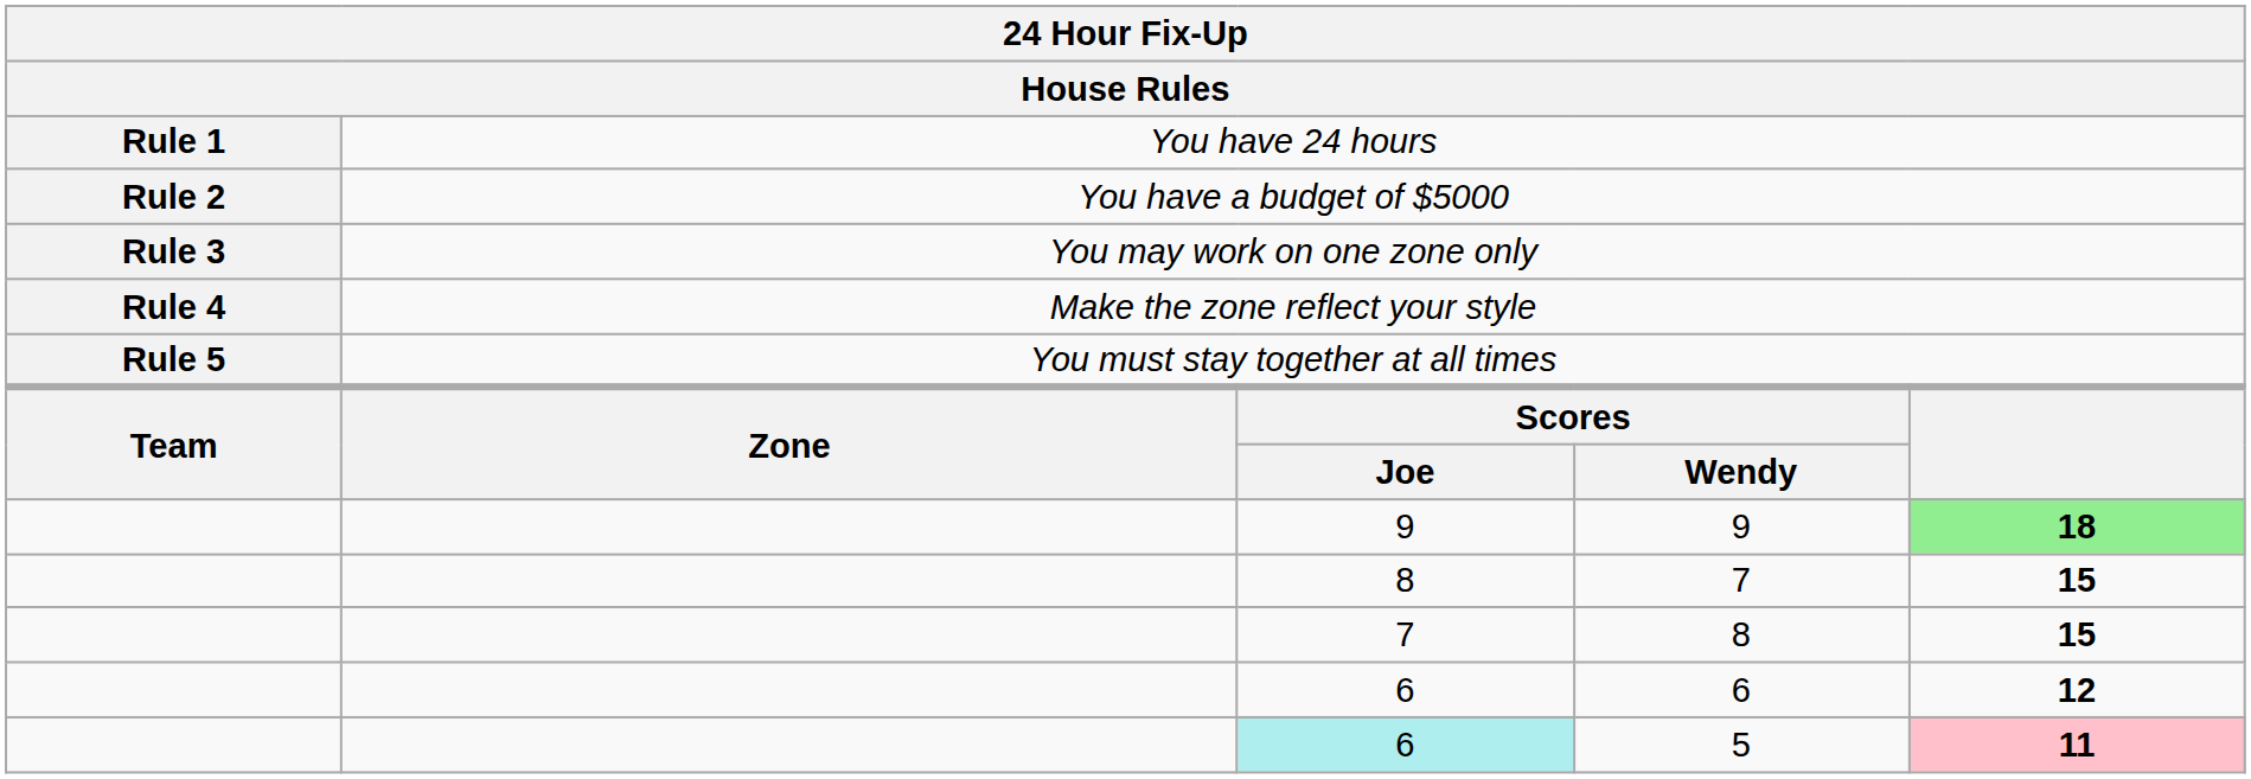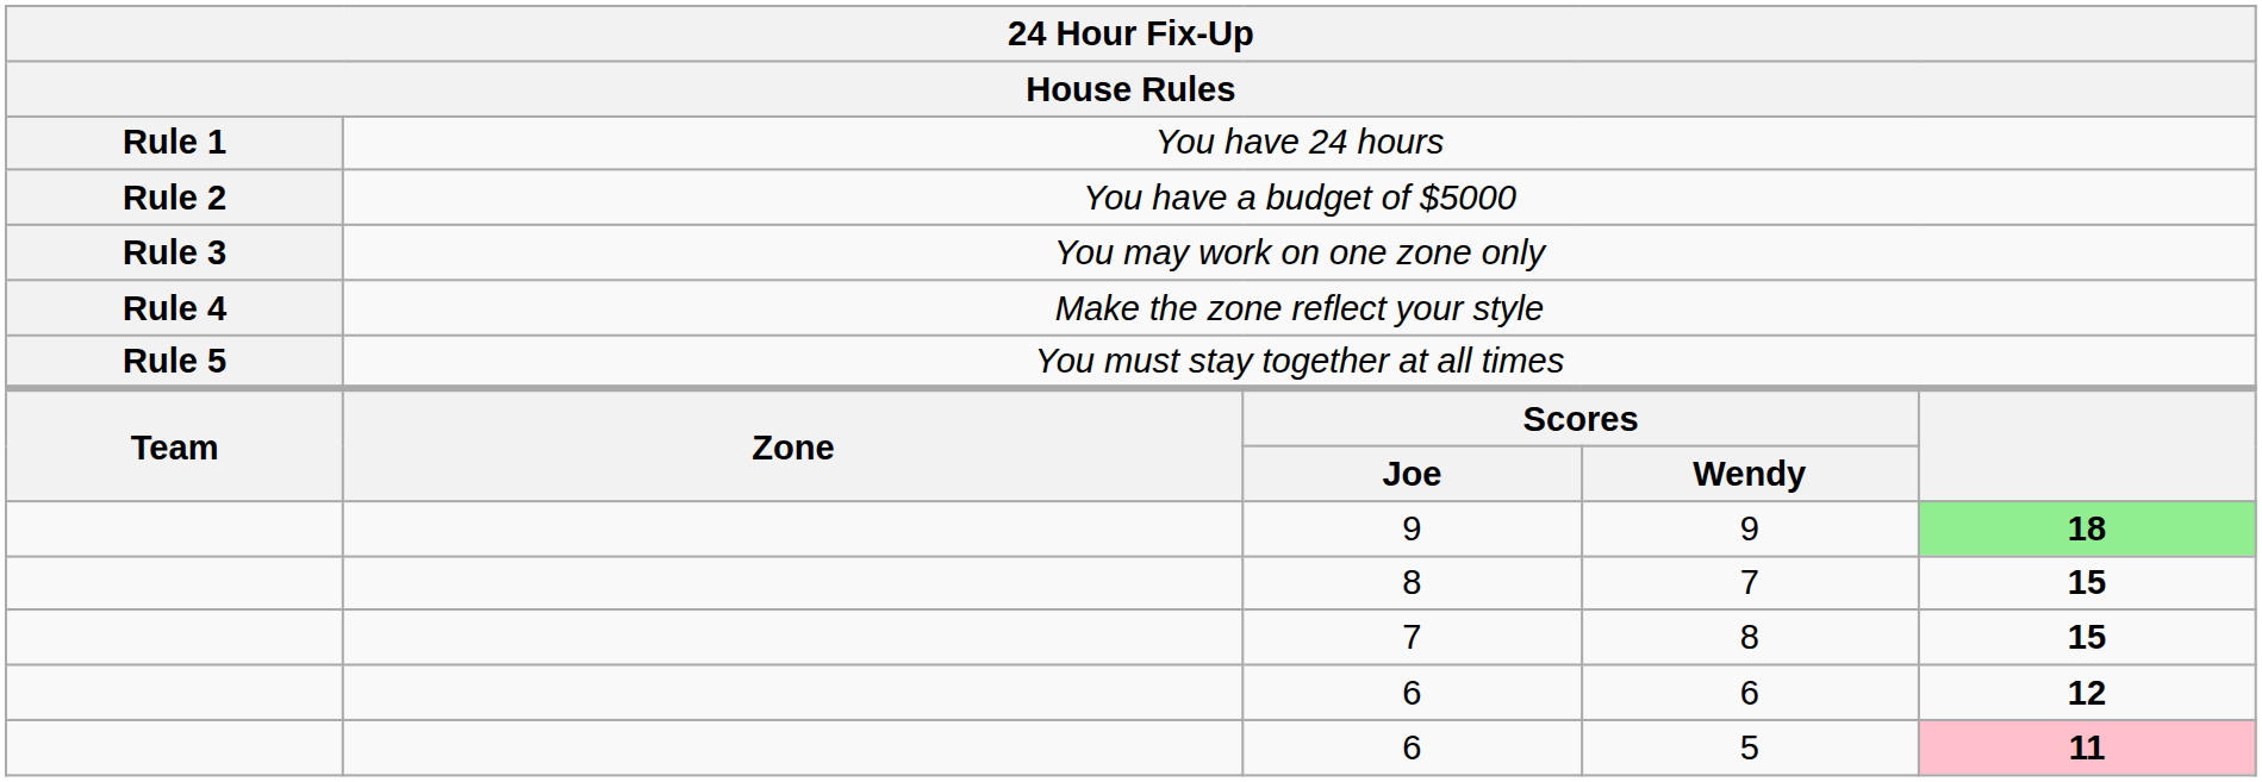 <table class="wikitable plainrowheaders" style="text-align:center; font-size:90%; width:65em;">
 <tr>
 <th colspan="5" >24 Hour Fix-Up</th>
 </tr>
 <tr>
 <th colspan="5">House Rules</th>
 </tr>
 <tr>
 <th>Rule 1</th>
 <td colspan="5"><em>You have 24 hours</em></td>
 </tr>
 <tr>
 <th>Rule 2</th>
 <td colspan="5"><em>You have a budget of $5000</em></td>
 </tr>
 <tr>
 <th>Rule 3</th>
 <td colspan="5"><em>You may work on one zone only</em></td>
 </tr>
 <tr>
 <th>Rule 4</th>
 <td colspan="5"><em>Make the zone reflect your style</em></td>
 </tr>
 <tr>
 <th>Rule 5</th>
 <td colspan="5"><em>You must stay together at all times</em></td>
 </tr>
 <tr>
 </tr>
 <tr style="border-top:3px solid #aaa;">
 <th rowspan="2">Team</th>
 <th rowspan="2" style="width:40%;">Zone</th>
 <th colspan="2" style="width:30%;">Scores</th>
 <th rowspan="2" style="width:20%;"></th>
 </tr>
 <tr>
 <th style="width:15%;">Joe</th>
 <th style="width:15%;">Wendy</th>
 </tr>
 <tr>
 <td style="width:15%;"></td>
 <td></td>
 <td>9</td>
 <td>9</td>
 <td bgcolor="lightgreen"><strong>18</strong></td>
 </tr>
 <tr>
 <td style="width:15%;"></td>
 <td></td>
 <td>8</td>
 <td>7</td>
 <td><strong>15</strong></td>
 </tr>
 <tr>
 <td style="width:15%;"></td>
 <td></td>
 <td>7</td>
 <td>8</td>
 <td><strong>15</strong></td>
 </tr>
 <tr>
 <td style="width:15%;"></td>
 <td></td>
 <td>6</td>
 <td>6</td>
 <td><strong>12</strong></td>
 </tr>
 <tr>
 <td style="width:15%;"></td>
 <td></td>
-<td style="background: paleturquoise;">6</td>
+<td>6</td>
 <td>5</td>
 <td bgcolor="pink"><strong>11</strong></td>
 </tr>
 </table>
